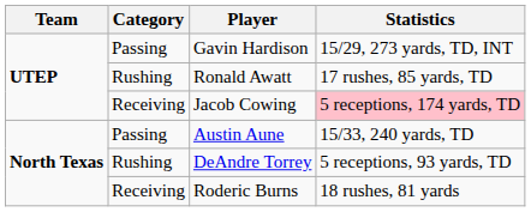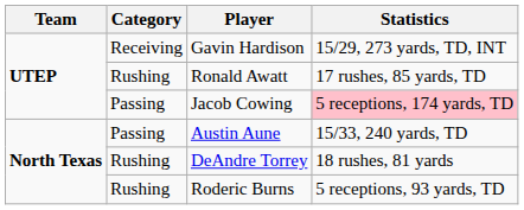 <table class="wikitable" style="float: left;">
 <tr>
 <th>Team</th>
 <th>Category</th>
 <th>Player</th>
 <th>Statistics</th>
 </tr>
 <tr>
 <td rowspan=3><strong>UTEP</strong></td>
-<td>Passing</td>
+<td>Receiving</td>
 <td>Gavin Hardison</td>
 <td>15/29, 273 yards, TD, INT</td>
 </tr>
 <tr>
 <td>Rushing</td>
 <td>Ronald Awatt</td>
 <td>17 rushes, 85 yards, TD</td>
 </tr>
 <tr>
-<td>Receiving</td>
+<td>Passing</td>
 <td>Jacob Cowing</td>
 <td style="background: pink;">5 receptions, 174 yards, TD</td>
 </tr>
 <tr>
 <td rowspan=3><strong>North Texas</strong></td>
 <td>Passing</td>
 <td><a href='#'>Austin Aune</a></td>
 <td>15/33, 240 yards, TD</td>
 </tr>
 <tr>
 <td>Rushing</td>
 <td><a href='#'>DeAndre Torrey</a></td>
+<td>18 rushes, 81 yards</td>
+</tr>
+<tr>
+<td>Rushing</td>
+<td>Roderic Burns</td>
 <td>5 receptions, 93 yards, TD</td>
 </tr>
-<tr>
-<td>Receiving</td>
-<td>Roderic Burns</td>
-<td>18 rushes, 81 yards</td>
-</tr>
 </table>
